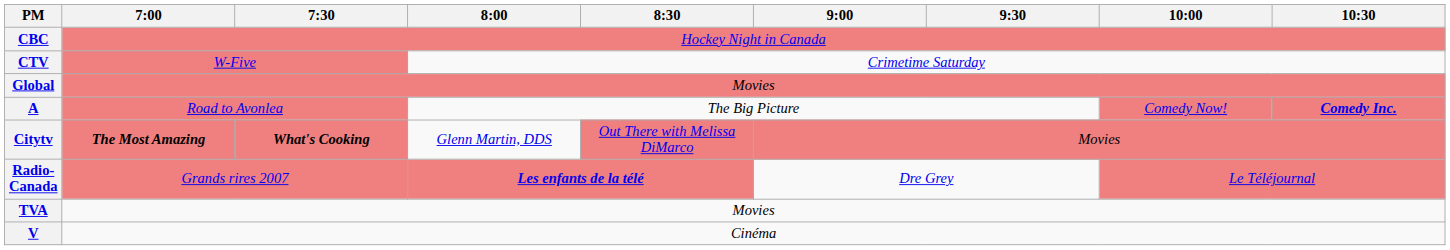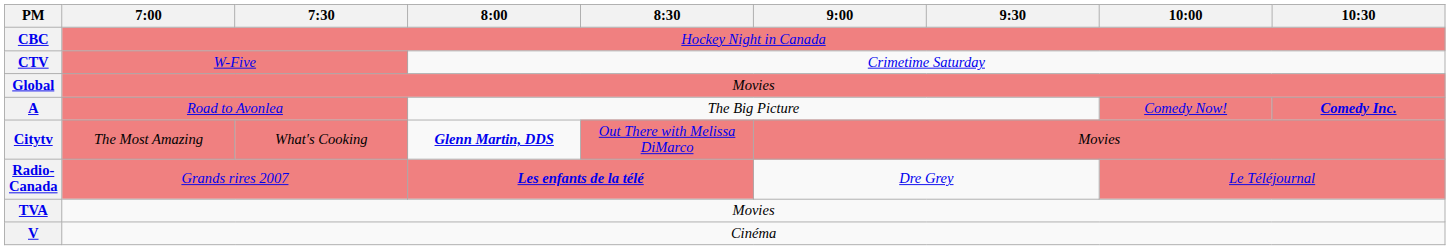 <table class="wikitable" width="100%">
 <tr>
 <th width="4%">PM</th>
 <th width="12%">7:00</th>
 <th width="12%">7:30</th>
 <th width="12%">8:00</th>
 <th width="12%">8:30</th>
 <th width="12%">9:00</th>
 <th width="12%">9:30</th>
 <th width="12%">10:00</th>
 <th width="12%">10:30</th>
 </tr>
 <tr align="center">
 <th><a href='#'>CBC</a></th>
 <td colspan="8" align=center bgcolor="#F08080"><em><a href='#'>Hockey Night in Canada</a></em></td>
 </tr>
 <tr align="center">
 <th><a href='#'>CTV</a></th>
 <td colspan="2" align=center bgcolor="#F08080"><em><a href='#'>W-Five</a></em></td>
 <td colspan="6" align=center><em><a href='#'>Crimetime Saturday</a></em></td>
 </tr>
 <tr align="center">
 <th><a href='#'>Global</a></th>
 <td colspan="8" align=center bgcolor="#F08080"><em>Movies</em></td>
 </tr>
 <tr align="center">
 <th><a href='#'>A</a></th>
 <td colspan="2" align=center bgcolor="#F08080"><em><a href='#'>Road to Avonlea</a></em></td>
 <td colspan="4" align=center><em>The Big Picture</em></td>
 <td colspan="1" align=center bgcolor="#F08080"><em><a href='#'>Comedy Now!</a></em></td>
 <td colspan="1" align=center bgcolor="#F08080"><strong><em><a href='#'>Comedy Inc.</a></em></strong></td>
 </tr>
 <tr align="center">
 <th><a href='#'>Citytv</a></th>
-<td colspan="1" align=center bgcolor="#F08080"><strong><em>The Most Amazing</em></strong></td>
-<td colspan="1" align=center bgcolor="#F08080"><strong><em>What's Cooking</em></strong></td>
-<td colspan="1" align=center><em><a href='#'>Glenn Martin, DDS</a></em></td>
+<td colspan="1" align=center bgcolor="#F08080"><em>The Most Amazing</em></td>
+<td colspan="1" align=center bgcolor="#F08080"><em>What's Cooking</em></td>
+<td colspan="1" align=center><strong><em><a href='#'>Glenn Martin, DDS</a></em></strong></td>
 <td colspan="1" align=center bgcolor="#F08080"><em><a href='#'>Out There with Melissa DiMarco</a></em></td>
 <td colspan="4" align=center bgcolor="#F08080"><em>Movies</em></td>
 </tr>
 <tr align="center">
 <th><a href='#'>Radio-Canada</a></th>
 <td colspan="2" align=center bgcolor="#F08080"><em><a href='#'>Grands rires 2007</a></em></td>
 <td colspan="2" align=center bgcolor="#F08080"><strong><em><a href='#'>Les enfants de la télé</a></em></strong></td>
 <td colspan="2" align=center><em><a href='#'>Dre Grey</a></em></td>
 <td colspan="2" align=center bgcolor="#F08080"><em><a href='#'>Le Téléjournal</a></em></td>
 </tr>
 <tr align="center">
 <th><a href='#'>TVA</a></th>
 <td colspan="8" align=center><em>Movies</em></td>
 </tr>
 <tr align="center">
 <th><a href='#'>V</a></th>
 <td colspan="8" align=center><em>Cinéma</em></td>
 </tr>
 </table>
